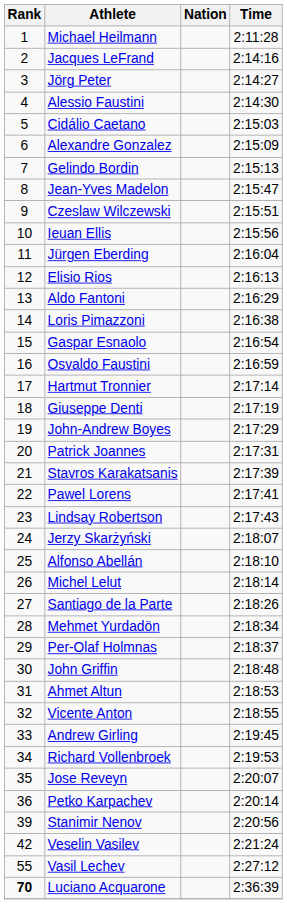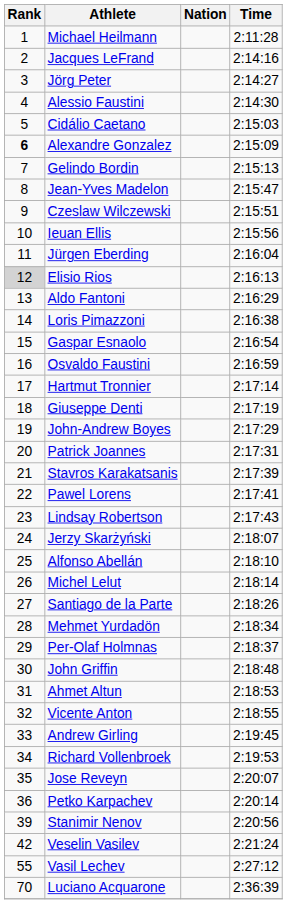 <table class="wikitable sortable" style="text-align:center;">
 <tr>
 <th>Rank</th>
 <th>Athlete</th>
 <th>Nation</th>
 <th>Time</th>
 </tr>
 <tr>
 <td>1</td>
 <td align=left><a href='#'>Michael Heilmann</a></td>
 <td align=left></td>
 <td>2:11:28</td>
 </tr>
 <tr>
 <td>2</td>
 <td align=left><a href='#'>Jacques LeFrand</a></td>
 <td align=left></td>
 <td>2:14:16</td>
 </tr>
 <tr>
 <td>3</td>
 <td align=left><a href='#'>Jörg Peter</a></td>
 <td align=left></td>
 <td>2:14:27</td>
 </tr>
 <tr>
 <td>4</td>
 <td align=left><a href='#'>Alessio Faustini</a></td>
 <td align=left></td>
 <td>2:14:30</td>
 </tr>
 <tr>
 <td>5</td>
 <td align=left><a href='#'>Cidálio Caetano</a></td>
 <td align=left></td>
 <td>2:15:03</td>
 </tr>
 <tr>
-<td>6</td>
+<td><strong>6</strong></td>
 <td align=left><a href='#'>Alexandre Gonzalez</a></td>
 <td align=left></td>
 <td>2:15:09</td>
 </tr>
 <tr>
 <td>7</td>
 <td align=left><a href='#'>Gelindo Bordin</a></td>
 <td align=left></td>
 <td>2:15:13</td>
 </tr>
 <tr>
 <td>8</td>
 <td align=left><a href='#'>Jean-Yves Madelon</a></td>
 <td align=left></td>
 <td>2:15:47</td>
 </tr>
 <tr>
 <td>9</td>
 <td align=left><a href='#'>Czeslaw Wilczewski</a></td>
 <td align=left></td>
 <td>2:15:51</td>
 </tr>
 <tr>
 <td>10</td>
 <td align=left><a href='#'>Ieuan Ellis</a></td>
 <td align=left></td>
 <td>2:15:56</td>
 </tr>
 <tr>
 <td>11</td>
 <td align=left><a href='#'>Jürgen Eberding</a></td>
 <td align=left></td>
 <td>2:16:04</td>
 </tr>
 <tr>
-<td>12</td>
+<td style="background: lightgrey;">12</td>
 <td align=left><a href='#'>Elisio Rios</a></td>
 <td align=left></td>
 <td>2:16:13</td>
 </tr>
 <tr>
 <td>13</td>
 <td align=left><a href='#'>Aldo Fantoni</a></td>
 <td align=left></td>
 <td>2:16:29</td>
 </tr>
 <tr>
 <td>14</td>
 <td align=left><a href='#'>Loris Pimazzoni</a></td>
 <td align=left></td>
 <td>2:16:38</td>
 </tr>
 <tr>
 <td>15</td>
 <td align=left><a href='#'>Gaspar Esnaolo</a></td>
 <td align=left></td>
 <td>2:16:54</td>
 </tr>
 <tr>
 <td>16</td>
 <td align=left><a href='#'>Osvaldo Faustini</a></td>
 <td align=left></td>
 <td>2:16:59</td>
 </tr>
 <tr>
 <td>17</td>
 <td align=left><a href='#'>Hartmut Tronnier</a></td>
 <td align=left></td>
 <td>2:17:14</td>
 </tr>
 <tr>
 <td>18</td>
 <td align=left><a href='#'>Giuseppe Denti</a></td>
 <td align=left></td>
 <td>2:17:19</td>
 </tr>
 <tr>
 <td>19</td>
 <td align=left><a href='#'>John-Andrew Boyes</a></td>
 <td align=left></td>
 <td>2:17:29</td>
 </tr>
 <tr>
 <td>20</td>
 <td align=left><a href='#'>Patrick Joannes</a></td>
 <td align=left></td>
 <td>2:17:31</td>
 </tr>
 <tr>
 <td>21</td>
 <td align=left><a href='#'>Stavros Karakatsanis</a></td>
 <td align=left></td>
 <td>2:17:39</td>
 </tr>
 <tr>
 <td>22</td>
 <td align=left><a href='#'>Pawel Lorens</a></td>
 <td align=left></td>
 <td>2:17:41</td>
 </tr>
 <tr>
 <td>23</td>
 <td align=left><a href='#'>Lindsay Robertson</a></td>
 <td align=left></td>
 <td>2:17:43</td>
 </tr>
 <tr>
 <td>24</td>
 <td align=left><a href='#'>Jerzy Skarżyński</a></td>
 <td align=left></td>
 <td>2:18:07</td>
 </tr>
 <tr>
 <td>25</td>
 <td align=left><a href='#'>Alfonso Abellán</a></td>
 <td align=left></td>
 <td>2:18:10</td>
 </tr>
 <tr>
 <td>26</td>
 <td align=left><a href='#'>Michel Lelut</a></td>
 <td align=left></td>
 <td>2:18:14</td>
 </tr>
 <tr>
 <td>27</td>
 <td align=left><a href='#'>Santiago de la Parte</a></td>
 <td align=left></td>
 <td>2:18:26</td>
 </tr>
 <tr>
 <td>28</td>
 <td align=left><a href='#'>Mehmet Yurdadön</a></td>
 <td align=left></td>
 <td>2:18:34</td>
 </tr>
 <tr>
 <td>29</td>
 <td align=left><a href='#'>Per-Olaf Holmnas</a></td>
 <td align=left></td>
 <td>2:18:37</td>
 </tr>
 <tr>
 <td>30</td>
 <td align=left><a href='#'>John Griffin</a></td>
 <td align=left></td>
 <td>2:18:48</td>
 </tr>
 <tr>
 <td>31</td>
 <td align=left><a href='#'>Ahmet Altun</a></td>
 <td align=left></td>
 <td>2:18:53</td>
 </tr>
 <tr>
 <td>32</td>
 <td align=left><a href='#'>Vicente Anton</a></td>
 <td align=left></td>
 <td>2:18:55</td>
 </tr>
 <tr>
 <td>33</td>
 <td align=left><a href='#'>Andrew Girling</a></td>
 <td align=left></td>
 <td>2:19:45</td>
 </tr>
 <tr>
 <td>34</td>
 <td align=left><a href='#'>Richard Vollenbroek</a></td>
 <td align=left></td>
 <td>2:19:53</td>
 </tr>
 <tr>
 <td>35</td>
 <td align=left><a href='#'>Jose Reveyn</a></td>
 <td align=left></td>
 <td>2:20:07</td>
 </tr>
 <tr>
 <td>36</td>
 <td align=left><a href='#'>Petko Karpachev</a></td>
 <td align=left></td>
 <td>2:20:14</td>
 </tr>
 <tr>
 <td>39</td>
 <td align=left><a href='#'>Stanimir Nenov</a></td>
 <td align=left></td>
 <td>2:20:56</td>
 </tr>
 <tr>
 <td>42</td>
 <td align=left><a href='#'>Veselin Vasilev</a></td>
 <td align=left></td>
 <td>2:21:24</td>
 </tr>
 <tr>
 <td>55</td>
 <td align=left><a href='#'>Vasil Lechev</a></td>
 <td align=left></td>
 <td>2:27:12</td>
 </tr>
 <tr>
-<td><strong>70</strong></td>
+<td>70</td>
 <td align=left><a href='#'>Luciano Acquarone</a></td>
 <td align=left></td>
 <td>2:36:39</td>
 </tr>
 <tr>
 </tr>
 </table>
